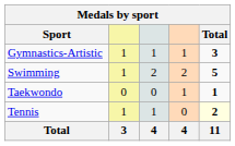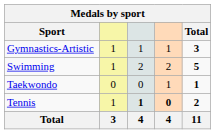 <table class="wikitable" style="font-size:90%; text-align:center;">
 <tr>
 <th colspan=5>Medals by sport</th>
 </tr>
 <tr>
 <th width=120>Sport</th>
 <th scope="col" width=30 style="background:#F7F6A8;"></th>
 <th scope="col" width=30 style="background:#DCE5E5;"></th>
 <th scope="col" width=30 style="background:#FFDAB9;"></th>
 <th width=30>Total</th>
 </tr>
 <tr>
 <td align=left><a href='#'>Gymnastics-Artistic</a></td>
 <td style="background:#F7F6A8;">1</td>
 <td style="background:#DCE5E5;">1</td>
 <td style="background:#FFDAB9;">1</td>
 <td><strong>3</strong></td>
 </tr>
 <tr>
 <td align=left><a href='#'>Swimming</a></td>
 <td style="background:#F7F6A8;">1</td>
 <td style="background:#DCE5E5;">2</td>
 <td style="background:#FFDAB9;">2</td>
 <td><strong>5</strong></td>
 </tr>
 <tr>
 <td align=left><a href='#'>Taekwondo</a></td>
 <td style="background:#F7F6A8;">0</td>
 <td style="background:#DCE5E5;">0</td>
 <td style="background:#FFDAB9;">1</td>
 <td><strong>1</strong></td>
 </tr>
 <tr>
 <td align=left><a href='#'>Tennis</a></td>
 <td style="background:#F7F6A8;">1</td>
-<td style="background:#DCE5E5;">1</td>
-<td style="background:#FFDAB9;">0</td>
-<td style="background: lightyellow;"><strong>2</strong></td>
+<td style="background:#DCE5E5;"><strong>1</strong></td>
+<td style="background:#FFDAB9;"><strong>0</strong></td>
+<td><strong>2</strong></td>
 </tr>
 <tr class="sortbottom">
 <th>Total</th>
 <th>3</th>
 <th>4</th>
 <th>4</th>
 <th>11</th>
 </tr>
 </table>
